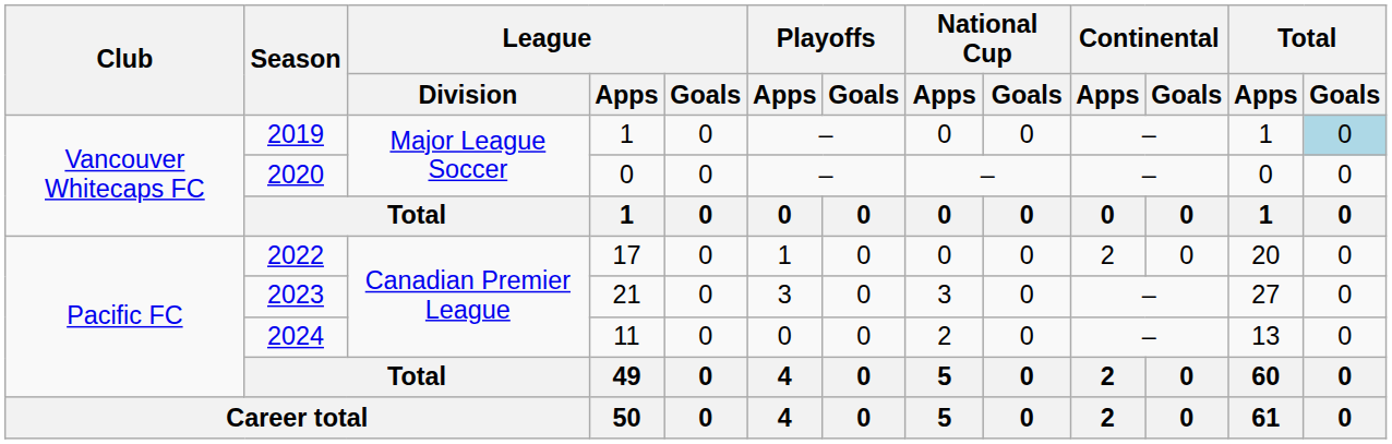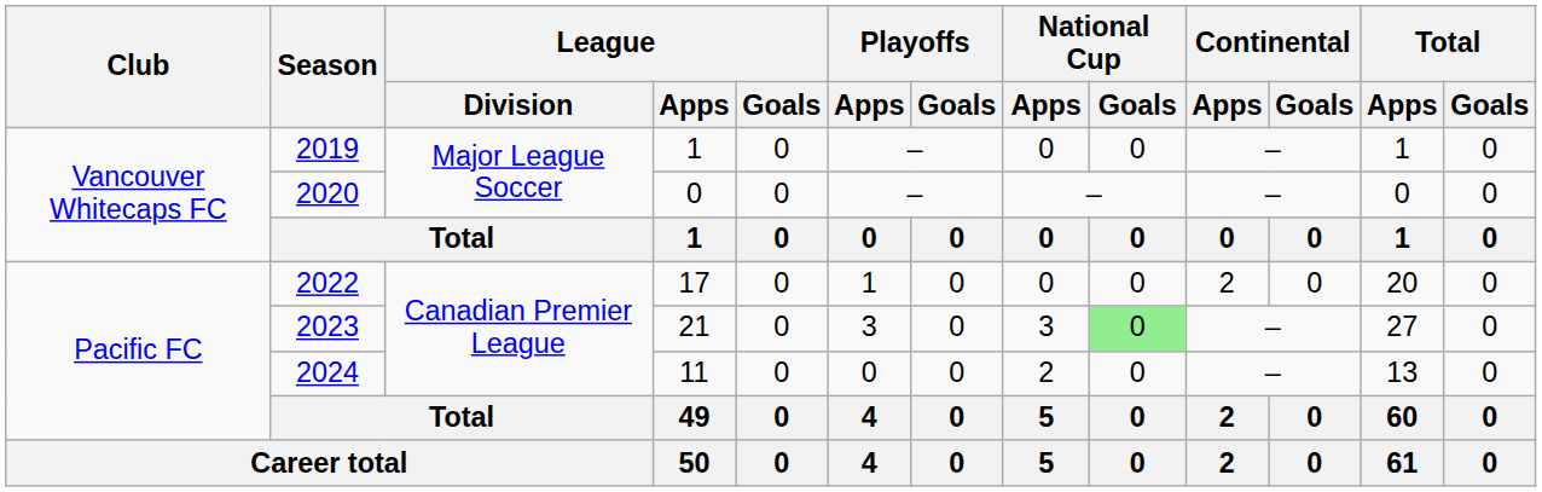 <table class="wikitable" style="text-align: center">
 <tr>
 <th rowspan="2">Club</th>
 <th rowspan="2">Season</th>
 <th colspan="3">League</th>
 <th colspan="2">Playoffs</th>
 <th colspan="2">National Cup</th>
 <th colspan="2">Continental</th>
 <th colspan="2">Total</th>
 </tr>
 <tr>
 <th>Division</th>
 <th>Apps</th>
 <th>Goals</th>
 <th>Apps</th>
 <th>Goals</th>
 <th>Apps</th>
 <th>Goals</th>
 <th>Apps</th>
 <th>Goals</th>
 <th>Apps</th>
 <th>Goals</th>
 </tr>
 <tr>
 <td rowspan=3><a href='#'>Vancouver Whitecaps FC</a></td>
 <td><a href='#'>2019</a></td>
 <td rowspan=2><a href='#'>Major League Soccer</a></td>
 <td>1</td>
 <td>0</td>
 <td colspan="2">–</td>
 <td>0</td>
 <td>0</td>
 <td colspan="2">–</td>
 <td>1</td>
-<td style="background: lightblue;">0</td>
+<td>0</td>
 </tr>
 <tr>
 <td><a href='#'>2020</a></td>
 <td>0</td>
 <td>0</td>
 <td colspan="2">–</td>
 <td colspan="2">–</td>
 <td colspan="2">–</td>
 <td>0</td>
 <td>0</td>
 </tr>
 <tr>
 <th colspan="2"><strong>Total</strong></th>
 <th>1</th>
 <th>0</th>
 <th>0</th>
 <th>0</th>
 <th>0</th>
 <th>0</th>
 <th>0</th>
 <th>0</th>
 <th>1</th>
 <th>0</th>
 </tr>
 <tr>
 <td rowspan=4><a href='#'>Pacific FC</a></td>
 <td><a href='#'>2022</a></td>
 <td rowspan=3><a href='#'>Canadian Premier League</a></td>
 <td>17</td>
 <td>0</td>
 <td>1</td>
 <td>0</td>
 <td>0</td>
 <td>0</td>
 <td>2</td>
 <td>0</td>
 <td>20</td>
 <td>0</td>
 </tr>
 <tr>
 <td><a href='#'>2023</a></td>
 <td>21</td>
 <td>0</td>
 <td>3</td>
 <td>0</td>
 <td>3</td>
-<td>0</td>
+<td style="background: lightgreen;">0</td>
 <td colspan="2">–</td>
 <td>27</td>
 <td>0</td>
 </tr>
 <tr>
 <td><a href='#'>2024</a></td>
 <td>11</td>
 <td>0</td>
 <td>0</td>
 <td>0</td>
 <td>2</td>
 <td>0</td>
 <td colspan="2">–</td>
 <td>13</td>
 <td>0</td>
 </tr>
 <tr>
 <th colspan="2"><strong>Total</strong></th>
 <th>49</th>
 <th>0</th>
 <th>4</th>
 <th>0</th>
 <th>5</th>
 <th>0</th>
 <th>2</th>
 <th>0</th>
 <th>60</th>
 <th>0</th>
 </tr>
 <tr>
 <th colspan="3">Career total</th>
 <th>50</th>
 <th>0</th>
 <th>4</th>
 <th>0</th>
 <th>5</th>
 <th>0</th>
 <th>2</th>
 <th>0</th>
 <th>61</th>
 <th>0</th>
 </tr>
 </table>
